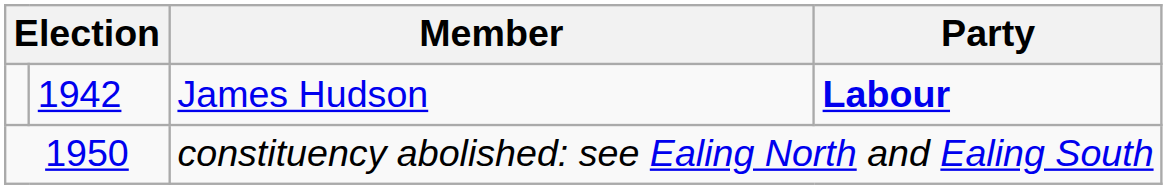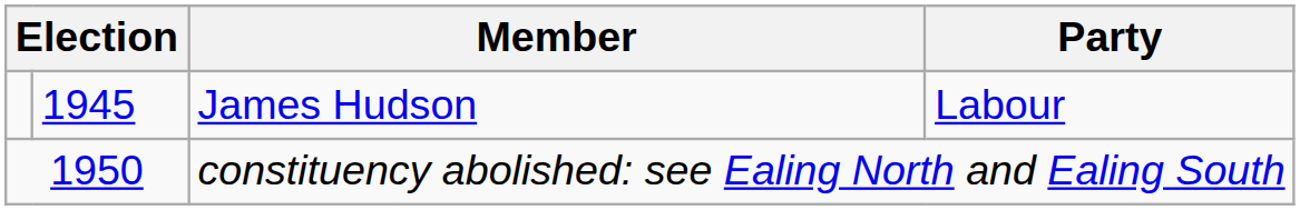 <table class="wikitable">
 <tr>
 <th colspan="2">Election</th>
 <th>Member</th>
 <th>Party</th>
 </tr>
 <tr>
 <td style="color:inherit;background-color: "></td>
-<td><a href='#'>1942</a></td>
+<td><a href='#'>1945</a></td>
 <td><a href='#'>James Hudson</a></td>
-<td><strong><a href='#'>Labour</a></strong></td>
+<td><a href='#'>Labour</a></td>
 </tr>
 <tr>
 <td colspan="2" align="center"><a href='#'>1950</a></td>
 <td colspan="2"><em>constituency abolished: see <a href='#'>Ealing North</a> and <a href='#'>Ealing South</a></em></td>
 </tr>
 </table>
